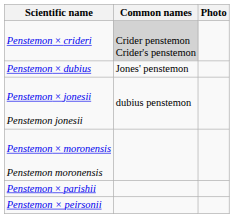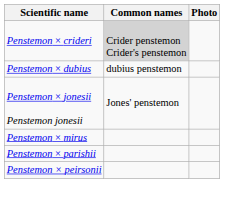 <table class="sortable wikitable" id="NaturalHybrids">
 <tr>
 <th>Scientific name<br></th>
 <th>Common names</th>
 <th>Photo</th>
 </tr>
 <tr>
 <td><a href='#'><em>Penstemon</em> × <em>crideri</em></a><br></td>
 <td style="background: lightgrey;"><br>Crider penstemon<br> Crider's penstemon</td>
 <td></td>
 </tr>
 <tr>
 <td><a href='#'><em>Penstemon</em> × <em>dubius</em></a><br></td>
+<td>dubius penstemon</td>
+<td></td>
+</tr>
+<tr>
+<td><br><a href='#'><em>Penstemon</em> × <em>jonesii</em></a><br><br> <em>Penstemon jonesii</em><br></td>
 <td>Jones' penstemon</td>
 <td></td>
 </tr>
 <tr>
-<td><br><a href='#'><em>Penstemon</em> × <em>jonesii</em></a><br><br> <em>Penstemon jonesii</em><br></td>
-<td>dubius penstemon</td>
-<td></td>
-</tr>
-<tr>
-<td><br><a href='#'><em>Penstemon</em> × <em>moronensis</em></a><br><br> <em>Penstemon moronensis</em><br></td>
+<td><a href='#'><em>Penstemon</em> × <em>mirus</em></a><br></td>
 <td></td>
 <td></td>
 </tr>
 <tr>
 <td><a href='#'><em>Penstemon</em> × <em>parishii</em></a><br></td>
 <td></td>
 <td></td>
 </tr>
 <tr>
 <td><em><a href='#'>Penstemon × peirsonii</a></em><br></td>
 <td></td>
 <td></td>
 </tr>
 </table>
